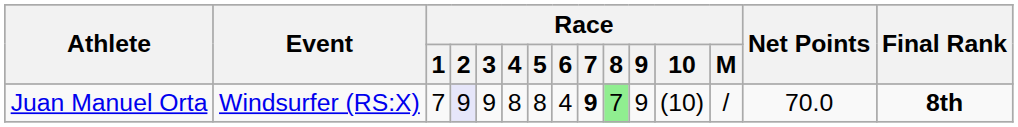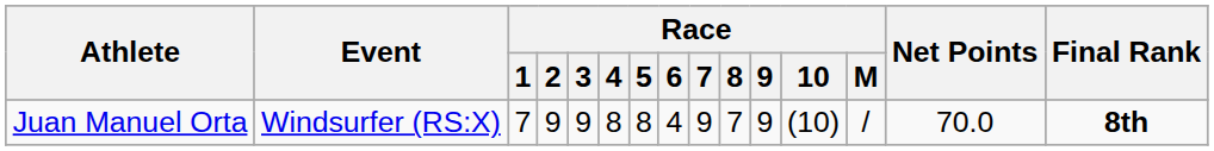 <table class="wikitable" style="font-size:90%">
 <tr>
 <th rowspan=2>Athlete</th>
 <th rowspan=2>Event</th>
 <th colspan=11>Race</th>
 <th rowspan=2>Net Points</th>
 <th rowspan=2>Final Rank</th>
 </tr>
 <tr>
 <th>1</th>
 <th>2</th>
 <th>3</th>
 <th>4</th>
 <th>5</th>
 <th>6</th>
 <th>7</th>
 <th>8</th>
 <th>9</th>
 <th>10</th>
 <th>M</th>
 </tr>
 <tr align=center>
 <td align=left><a href='#'>Juan Manuel Orta</a></td>
 <td align=left><a href='#'>Windsurfer (RS:X)</a></td>
 <td>7</td>
-<td style="background: lavender;">9</td>
+<td>9</td>
 <td>9</td>
 <td>8</td>
 <td>8</td>
 <td>4</td>
-<td><strong>9</strong></td>
-<td style="background: lightgreen;">7</td>
+<td>9</td>
+<td>7</td>
 <td>9</td>
 <td>(10)</td>
 <td>/</td>
 <td>70.0</td>
 <td><strong>8th</strong></td>
 </tr>
 </table>
